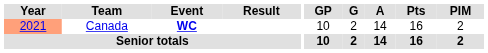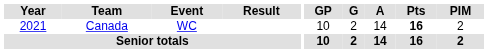 <table border="0" cellpadding="1" cellspacing="0" ID="Table3" style="text-align:center; width:40em">
 <tr bgcolor="#e0e0e0">
 <th>Year</th>
 <th>Team</th>
 <th>Event</th>
 <th>Result</th>
 <th rowspan="99" bgcolor="#ffffff"></th>
 <th>GP</th>
 <th>G</th>
 <th>A</th>
 <th>Pts</th>
 <th>PIM</th>
 </tr>
 <tr>
-<td style="background: lightsalmon;"><a href='#'>2021</a></td>
+<td><a href='#'>2021</a></td>
 <td><a href='#'>Canada</a></td>
-<td><strong><a href='#'>WC</a></strong></td>
+<td><a href='#'>WC</a></td>
 <td></td>
 <td>10</td>
 <td>2</td>
 <td>14</td>
-<td>16</td>
+<td><strong>16</strong></td>
 <td>2</td>
 </tr>
 <tr bgcolor="#e0e0e0">
 <th colspan="4">Senior totals</th>
 <th>10</th>
 <th>2</th>
 <th>14</th>
 <th>16</th>
 <th>2</th>
 </tr>
 </table>
